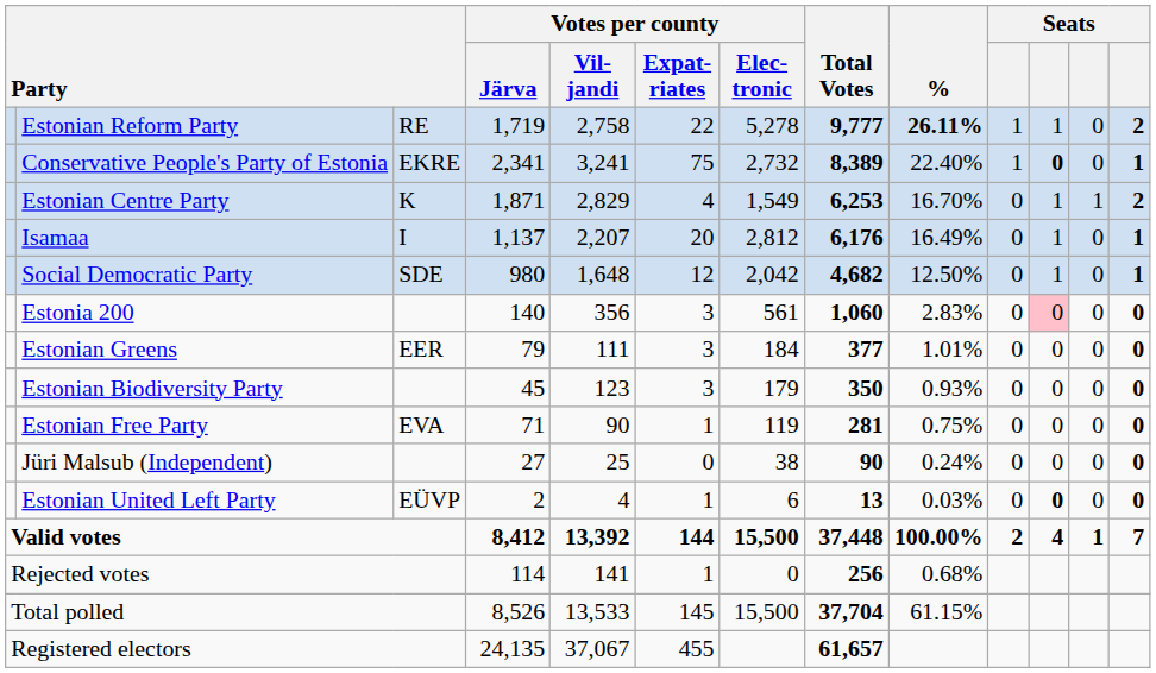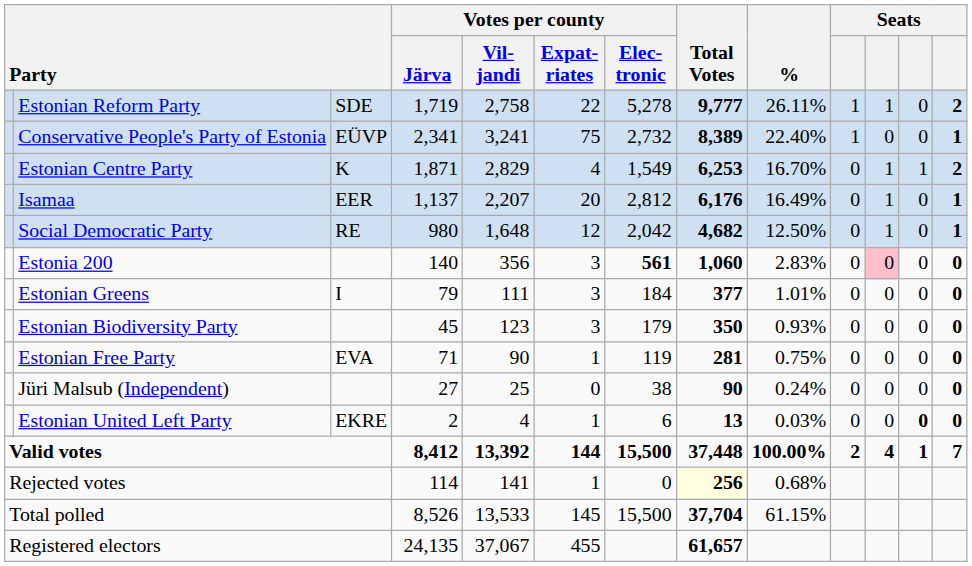 <table class="wikitable" border="1" style="text-align:right;">
 <tr>
 <th style="text-align:left;" valign=bottom rowspan=2 colspan=3>Party</th>
 <th colspan=4>Votes per county</th>
 <th align=center valign=bottom rowspan=2 width="50">Total Votes</th>
 <th align=center valign=bottom rowspan=2 width="50">%</th>
 <th colspan=4>Seats</th>
 </tr>
 <tr>
 <th align=center valign=bottom width="50"><a href='#'>Järva</a></th>
 <th align=center valign=bottom width="50"><a href='#'>Vil- jandi</a></th>
 <th align=center valign=bottom width="50"><a href='#'>Expat- riates</a></th>
 <th align=center valign=bottom width="50"><a href='#'>Elec- tronic</a></th>
 <th align=center valign=bottom width="20"><small></small></th>
 <th align=center valign=bottom width="20"><small></small></th>
 <th align=center valign=bottom width="20"><small></small></th>
 <th align=center valign=bottom width="20"><small></small></th>
 </tr>
 <tr style="background:#CEE0F2;">
 <td style="background:"></td>
 <td align=left><a href='#'>Estonian Reform Party</a></td>
-<td align=left>RE</td>
+<td align=left>SDE</td>
 <td>1,719</td>
 <td>2,758</td>
 <td>22</td>
 <td>5,278</td>
 <td><strong>9,777</strong></td>
-<td><strong>26.11%</strong></td>
+<td>26.11%</td>
 <td>1</td>
 <td>1</td>
 <td>0</td>
 <td><strong>2</strong></td>
 </tr>
 <tr style="background:#CEE0F2;">
 <td style="background:"></td>
 <td align=left><a href='#'>Conservative People's Party of Estonia</a></td>
-<td align=left>EKRE</td>
+<td align=left>EÜVP</td>
 <td>2,341</td>
 <td>3,241</td>
 <td>75</td>
 <td>2,732</td>
 <td><strong>8,389</strong></td>
 <td>22.40%</td>
 <td>1</td>
-<td><strong>0</strong></td>
+<td>0</td>
 <td>0</td>
 <td><strong>1</strong></td>
 </tr>
 <tr style="background:#CEE0F2;">
 <td style="background:"></td>
 <td align=left><a href='#'>Estonian Centre Party</a></td>
 <td align=left>K</td>
 <td>1,871</td>
 <td>2,829</td>
 <td>4</td>
 <td>1,549</td>
 <td><strong>6,253</strong></td>
 <td>16.70%</td>
 <td>0</td>
 <td>1</td>
 <td>1</td>
 <td><strong>2</strong></td>
 </tr>
 <tr style="background:#CEE0F2;">
 <td style="background:"></td>
 <td align=left><a href='#'>Isamaa</a></td>
-<td align=left>I</td>
+<td align=left>EER</td>
 <td>1,137</td>
 <td>2,207</td>
 <td>20</td>
 <td>2,812</td>
 <td><strong>6,176</strong></td>
 <td>16.49%</td>
 <td>0</td>
 <td>1</td>
 <td>0</td>
 <td><strong>1</strong></td>
 </tr>
 <tr style="background:#CEE0F2;">
 <td style="background:"></td>
 <td align=left><a href='#'>Social Democratic Party</a></td>
-<td align=left>SDE</td>
+<td align=left>RE</td>
 <td>980</td>
 <td>1,648</td>
 <td>12</td>
 <td>2,042</td>
 <td><strong>4,682</strong></td>
 <td>12.50%</td>
 <td>0</td>
 <td>1</td>
 <td>0</td>
 <td><strong>1</strong></td>
 </tr>
 <tr>
 <td style="background:"></td>
 <td align=left><a href='#'>Estonia 200</a></td>
 <td></td>
 <td>140</td>
 <td>356</td>
 <td>3</td>
-<td>561</td>
+<td><strong>561</strong></td>
 <td><strong>1,060</strong></td>
 <td>2.83%</td>
 <td>0</td>
 <td style="background: pink;">0</td>
 <td>0</td>
 <td><strong>0</strong></td>
 </tr>
 <tr>
 <td style="background:"></td>
 <td align=left><a href='#'>Estonian Greens</a></td>
-<td align=left>EER</td>
+<td align=left>I</td>
 <td>79</td>
 <td>111</td>
 <td>3</td>
 <td>184</td>
 <td><strong>377</strong></td>
 <td>1.01%</td>
 <td>0</td>
 <td>0</td>
 <td>0</td>
 <td><strong>0</strong></td>
 </tr>
 <tr>
 <td style="background:"></td>
 <td align=left><a href='#'>Estonian Biodiversity Party</a></td>
 <td></td>
 <td>45</td>
 <td>123</td>
 <td>3</td>
 <td>179</td>
 <td><strong>350</strong></td>
 <td>0.93%</td>
 <td>0</td>
 <td>0</td>
 <td>0</td>
 <td><strong>0</strong></td>
 </tr>
 <tr>
 <td style="background:"></td>
 <td align=left><a href='#'>Estonian Free Party</a></td>
 <td align=left>EVA</td>
 <td>71</td>
 <td>90</td>
 <td>1</td>
 <td>119</td>
 <td><strong>281</strong></td>
 <td>0.75%</td>
 <td>0</td>
 <td>0</td>
 <td>0</td>
 <td><strong>0</strong></td>
 </tr>
 <tr>
 <td style="background:"></td>
 <td align=left>Jüri Malsub (<a href='#'>Independent</a>)</td>
 <td></td>
 <td>27</td>
 <td>25</td>
 <td>0</td>
 <td>38</td>
 <td><strong>90</strong></td>
 <td>0.24%</td>
 <td>0</td>
 <td>0</td>
 <td>0</td>
 <td><strong>0</strong></td>
 </tr>
 <tr>
 <td style="background:"></td>
 <td align=left><a href='#'>Estonian United Left Party</a></td>
-<td align=left>EÜVP</td>
+<td align=left>EKRE</td>
 <td>2</td>
 <td>4</td>
 <td>1</td>
 <td>6</td>
 <td><strong>13</strong></td>
 <td>0.03%</td>
 <td>0</td>
+<td>0</td>
 <td><strong>0</strong></td>
-<td>0</td>
 <td><strong>0</strong></td>
 </tr>
 <tr style="font-weight:bold">
 <td align=left colspan=3>Valid votes</td>
 <td>8,412</td>
 <td>13,392</td>
 <td>144</td>
 <td>15,500</td>
 <td>37,448</td>
 <td>100.00%</td>
 <td>2</td>
 <td>4</td>
 <td>1</td>
 <td>7</td>
 </tr>
 <tr>
 <td align=left colspan=3>Rejected votes</td>
 <td>114</td>
 <td>141</td>
 <td>1</td>
 <td>0</td>
-<td><strong>256</strong></td>
+<td style="background: lightyellow;"><strong>256</strong></td>
 <td>0.68%</td>
 <td></td>
 <td></td>
 <td></td>
 <td></td>
 </tr>
 <tr>
 <td align=left colspan=3>Total polled</td>
 <td>8,526</td>
 <td>13,533</td>
 <td>145</td>
 <td>15,500</td>
 <td><strong>37,704</strong></td>
 <td>61.15%</td>
 <td></td>
 <td></td>
 <td></td>
 <td></td>
 </tr>
 <tr>
 <td align=left colspan=3>Registered electors</td>
 <td>24,135</td>
 <td>37,067</td>
 <td>455</td>
 <td></td>
 <td><strong>61,657</strong></td>
 <td></td>
 <td></td>
 <td></td>
 <td></td>
 <td></td>
 </tr>
 </table>
